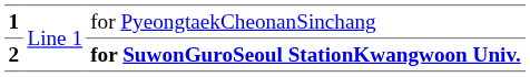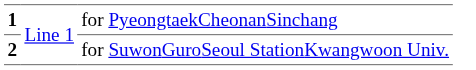 <table border="1" cellspacing="0" cellpadding="3" frame="hsides" rules="rows">
 <tr>
 <th>1</th>
 <td rowspan="3"> <a href='#'>Line 1</a></td>
 <td>for <a href='#'>Pyeongtaek</a><a href='#'>Cheonan</a><a href='#'>Sinchang</a></td>
 </tr>
 <tr>
 <th>2</th>
-<td><strong>for <a href='#'>Suwon</a><a href='#'>Guro</a><a href='#'>Seoul Station</a><a href='#'>Kwangwoon Univ.</a></strong></td>
+<td>for <a href='#'>Suwon</a><a href='#'>Guro</a><a href='#'>Seoul Station</a><a href='#'>Kwangwoon Univ.</a></td>
 </tr>
 </table>
